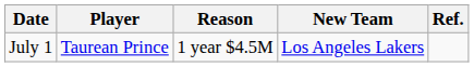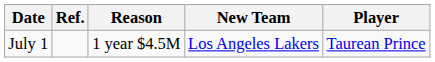 <table class="wikitable sortable sortable" style="text-align: center">
 <tr>
 <th>Date</th>
-<th>Player</th>
+<th>Ref.</th>
 <th>Reason</th>
 <th>New Team</th>
-<th>Ref.</th>
+<th>Player</th>
 </tr>
 <tr>
 <td>July 1</td>
-<td><a href='#'>Taurean Prince</a></td>
+<td></td>
 <td>1 year $4.5M</td>
 <td><a href='#'>Los Angeles Lakers</a></td>
-<td></td>
+<td><a href='#'>Taurean Prince</a></td>
 </tr>
 </table>
